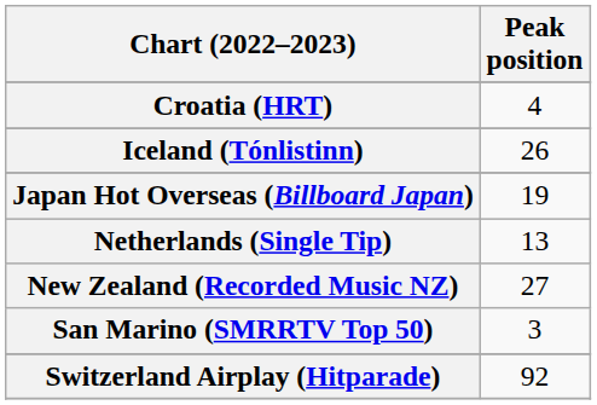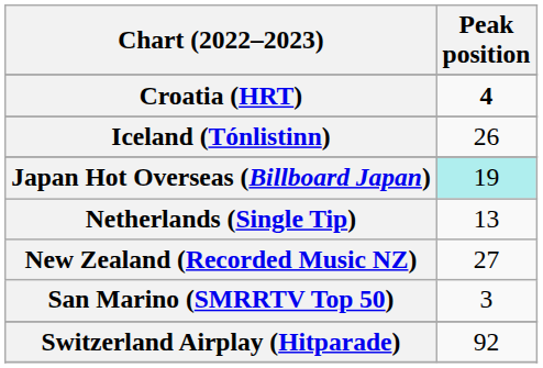 <table class="wikitable sortable plainrowheaders" style="text-align:center">
 <tr>
 <th scope="col">Chart (2022–2023)</th>
 <th scope="col">Peak<br>position</th>
 </tr>
 <tr>
 </tr>
 <tr>
 </tr>
 <tr>
 </tr>
 <tr>
 </tr>
 <tr>
 </tr>
 <tr>
 </tr>
 <tr>
 </tr>
 <tr>
 <th scope="row">Croatia (<a href='#'>HRT</a>)</th>
-<td>4</td>
+<td><strong>4</strong></td>
 </tr>
 <tr>
 </tr>
 <tr>
 </tr>
 <tr>
 </tr>
 <tr>
 <th scope="row">Iceland (<a href='#'>Tónlistinn</a>)</th>
 <td>26</td>
 </tr>
 <tr>
 </tr>
 <tr>
 <th scope="row">Japan Hot Overseas (<em><a href='#'>Billboard Japan</a></em>)</th>
-<td>19</td>
+<td style="background: paleturquoise;">19</td>
 </tr>
 <tr>
 <th scope="row">Netherlands (<a href='#'>Single Tip</a>)</th>
 <td>13</td>
 </tr>
 <tr>
 <th scope="row">New Zealand (<a href='#'>Recorded Music NZ</a>)</th>
 <td>27</td>
 </tr>
 <tr>
 <th scope="row">San Marino (<a href='#'>SMRRTV Top 50</a>)</th>
 <td>3</td>
 </tr>
 <tr>
 </tr>
 <tr>
 <th scope="row">Switzerland Airplay (<a href='#'>Hitparade</a>)</th>
 <td>92</td>
 </tr>
 <tr>
 </tr>
 <tr>
 </tr>
 <tr>
 </tr>
 <tr>
 </tr>
 <tr>
 </tr>
 <tr>
 </tr>
 </table>
